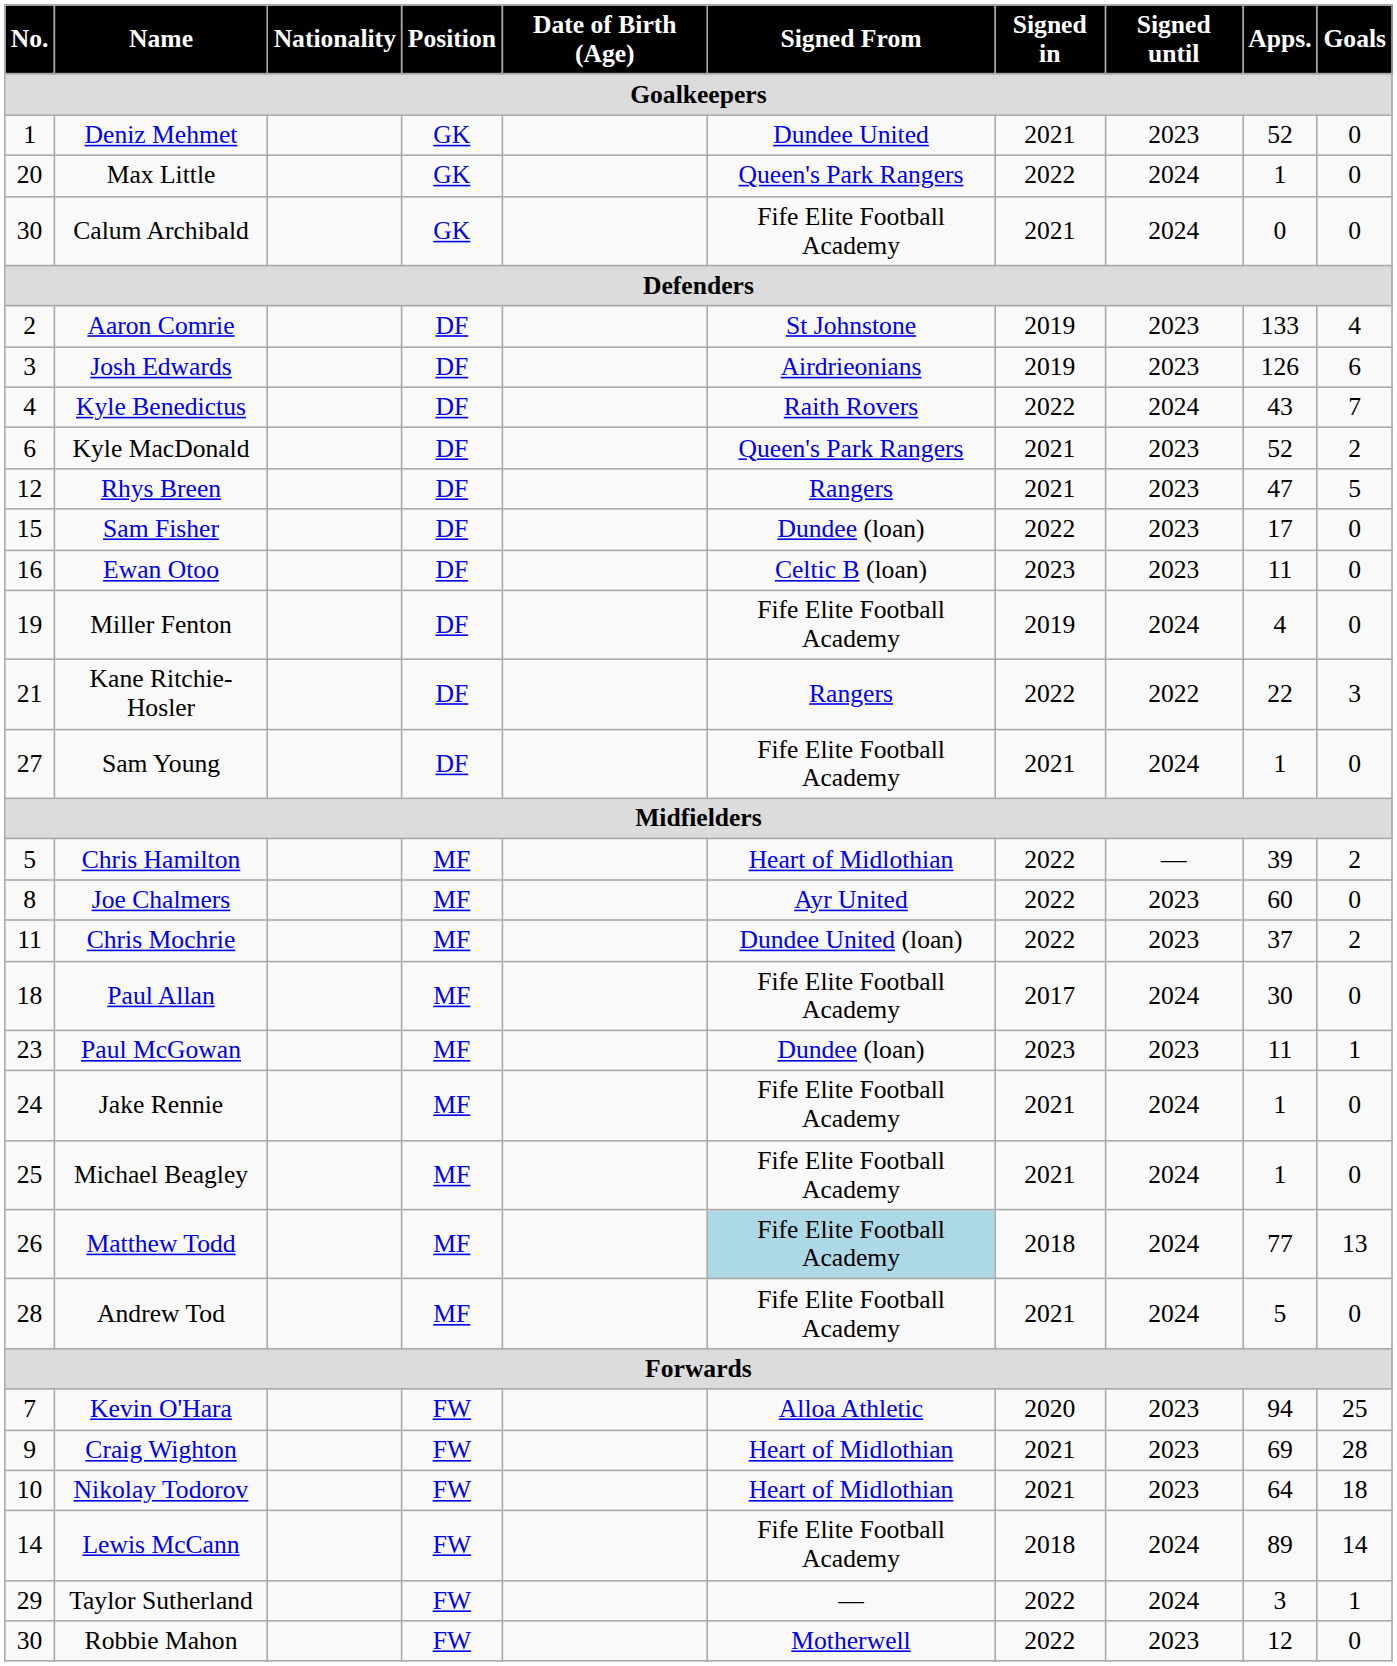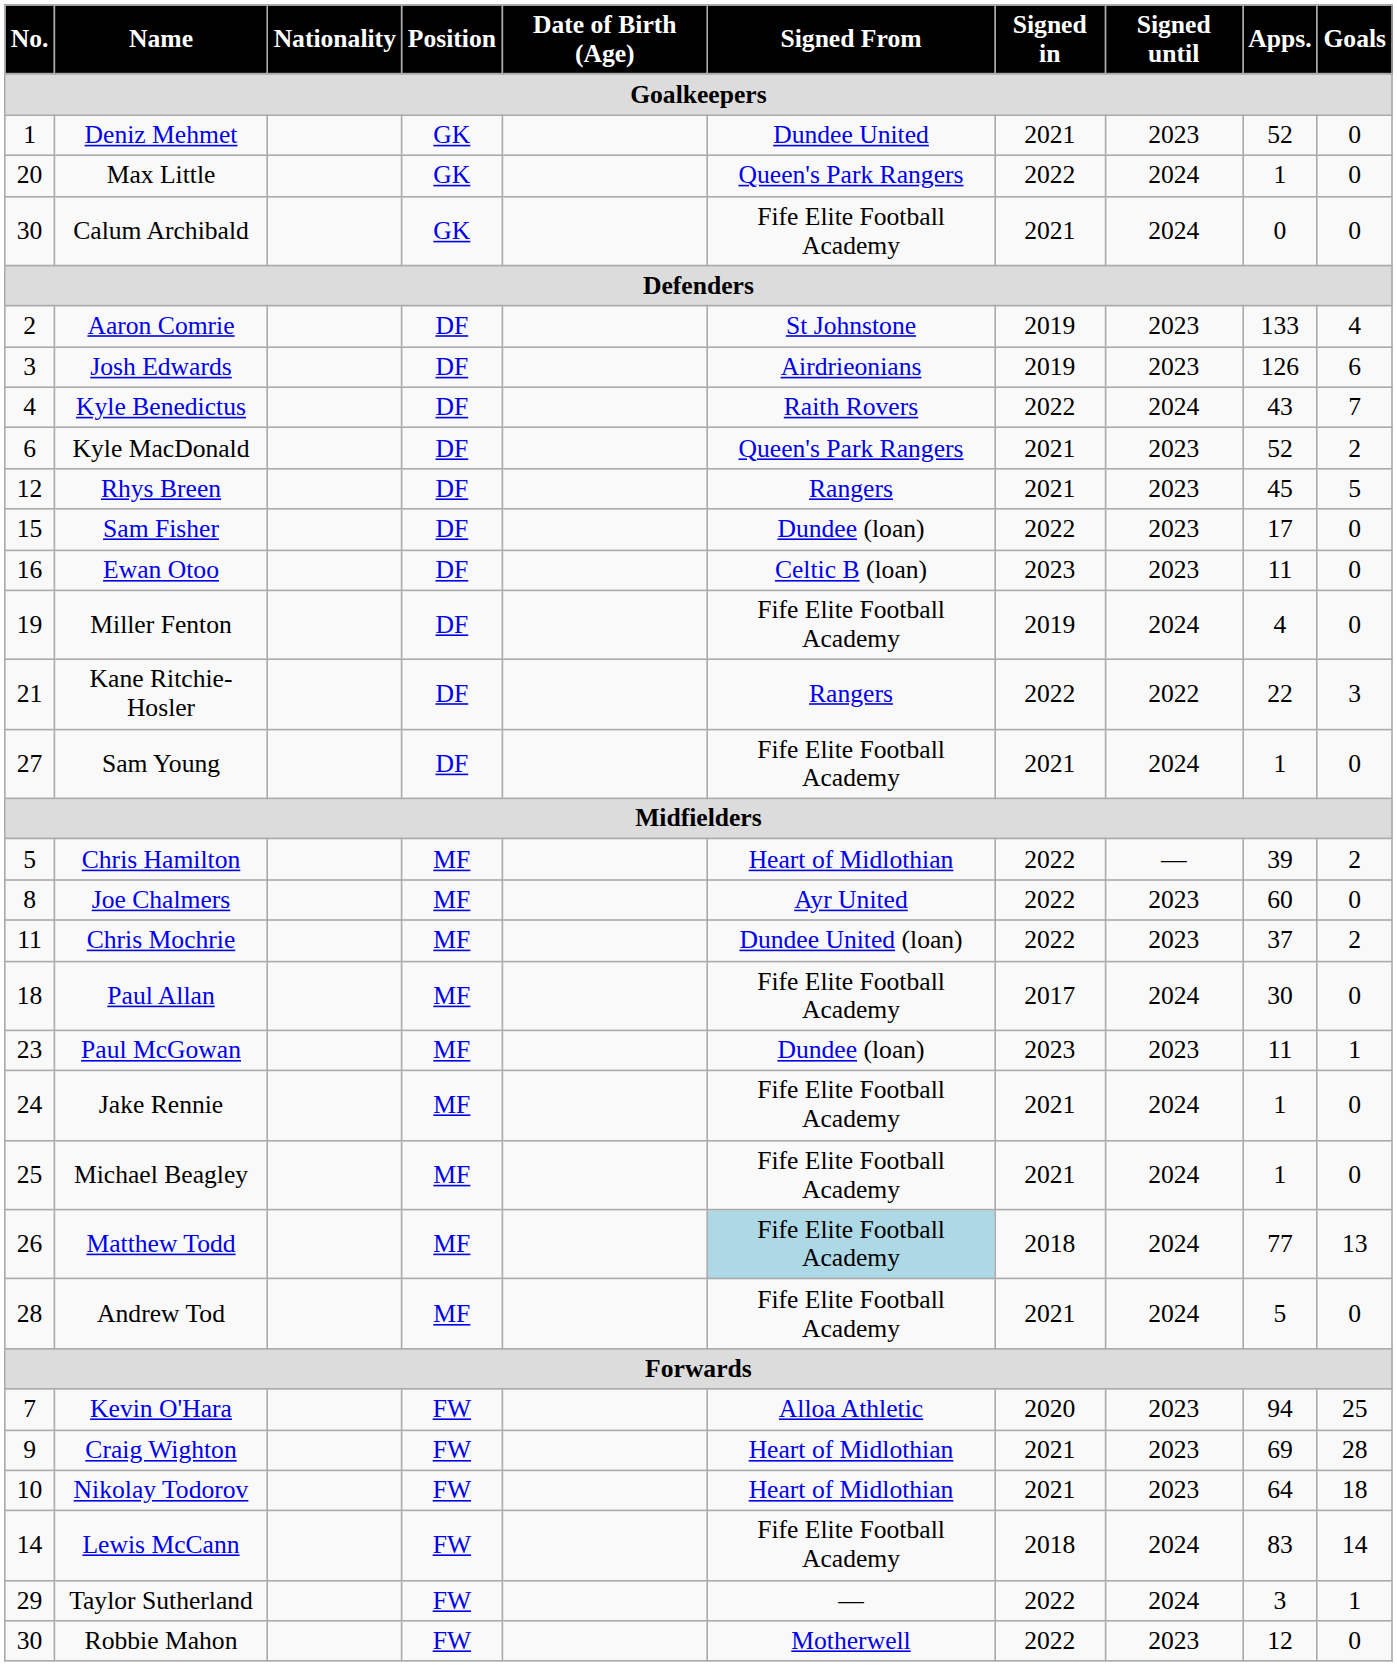 <table class="wikitable"  style="text-align:center">
 <tr>
 <th style="background:#000000; color:white; text-align:center;">No.</th>
 <th style="background:#000000; color:white; text-align:center;">Name</th>
 <th style="background:#000000; color:white; text-align:center;">Nationality</th>
 <th style="background:#000000; color:white; text-align:center;">Position</th>
 <th style="background:#000000; color:white; text-align:center;">Date of Birth (Age)</th>
 <th style="background:#000000; color:white; text-align:center;">Signed From</th>
 <th style="background:#000000; color:white; text-align:center;">Signed in</th>
 <th style="background:#000000; color:white; text-align:center;">Signed until</th>
 <th style="background:#000000; color:white; text-align:center;">Apps.</th>
 <th style="background:#000000; color:white; te13xt-align:center;">Goals</th>
 </tr>
 <tr>
 <th colspan="10" style="background:#dcdcdc; text-align:center;">Goalkeepers</th>
 </tr>
 <tr>
 <td>1</td>
 <td><a href='#'>Deniz Mehmet</a></td>
 <td></td>
 <td><a href='#'>GK</a></td>
 <td></td>
 <td><a href='#'>Dundee United</a></td>
 <td>2021</td>
 <td>2023</td>
 <td>52</td>
 <td>0</td>
 </tr>
 <tr>
 <td>20</td>
 <td>Max Little</td>
 <td></td>
 <td><a href='#'>GK</a></td>
 <td></td>
 <td><a href='#'>Queen's Park Rangers</a></td>
 <td>2022</td>
 <td>2024</td>
 <td>1</td>
 <td>0</td>
 </tr>
 <tr>
 <td>30</td>
 <td>Calum Archibald</td>
 <td></td>
 <td><a href='#'>GK</a></td>
 <td></td>
 <td>Fife Elite Football Academy</td>
 <td>2021</td>
 <td>2024</td>
 <td>0</td>
 <td>0</td>
 </tr>
 <tr>
 <th colspan="10" style="background:#dcdcdc; text-align:center;">Defenders</th>
 </tr>
 <tr>
 <td>2</td>
 <td><a href='#'>Aaron Comrie</a></td>
 <td></td>
 <td><a href='#'>DF</a></td>
 <td></td>
 <td><a href='#'>St Johnstone</a></td>
 <td>2019</td>
 <td>2023</td>
 <td>133</td>
 <td>4</td>
 </tr>
 <tr>
 <td>3</td>
 <td><a href='#'>Josh Edwards</a></td>
 <td></td>
 <td><a href='#'>DF</a></td>
 <td></td>
 <td><a href='#'>Airdrieonians</a></td>
 <td>2019</td>
 <td>2023</td>
 <td>126</td>
 <td>6</td>
 </tr>
 <tr>
 <td>4</td>
 <td><a href='#'>Kyle Benedictus</a></td>
 <td></td>
 <td><a href='#'>DF</a></td>
 <td></td>
 <td><a href='#'>Raith Rovers</a></td>
 <td>2022</td>
 <td>2024</td>
 <td>43</td>
 <td>7</td>
 </tr>
 <tr>
 <td>6</td>
 <td>Kyle MacDonald</td>
 <td></td>
 <td><a href='#'>DF</a></td>
 <td></td>
 <td><a href='#'>Queen's Park Rangers</a></td>
 <td>2021</td>
 <td>2023</td>
 <td>52</td>
 <td>2</td>
 </tr>
 <tr>
 <td>12</td>
 <td><a href='#'>Rhys Breen</a></td>
 <td></td>
 <td><a href='#'>DF</a></td>
 <td></td>
 <td><a href='#'>Rangers</a></td>
 <td>2021</td>
 <td>2023</td>
-<td>47</td>
+<td>45</td>
 <td>5</td>
 </tr>
 <tr>
 <td>15</td>
 <td><a href='#'>Sam Fisher</a></td>
 <td></td>
 <td><a href='#'>DF</a></td>
 <td></td>
 <td><a href='#'>Dundee</a> (loan)</td>
 <td>2022</td>
 <td>2023</td>
 <td>17</td>
 <td>0</td>
 </tr>
 <tr>
 <td>16</td>
 <td><a href='#'>Ewan Otoo</a></td>
 <td></td>
 <td><a href='#'>DF</a></td>
 <td></td>
 <td><a href='#'>Celtic B</a> (loan)</td>
 <td>2023</td>
 <td>2023</td>
 <td>11</td>
 <td>0</td>
 </tr>
 <tr>
 <td>19</td>
 <td>Miller Fenton</td>
 <td></td>
 <td><a href='#'>DF</a></td>
 <td></td>
 <td>Fife Elite Football Academy</td>
 <td>2019</td>
 <td>2024</td>
 <td>4</td>
 <td>0</td>
 </tr>
 <tr>
 <td>21</td>
 <td>Kane Ritchie-Hosler</td>
 <td></td>
 <td><a href='#'>DF</a></td>
 <td></td>
 <td><a href='#'>Rangers</a></td>
 <td>2022</td>
 <td>2022</td>
 <td>22</td>
 <td>3</td>
 </tr>
 <tr>
 <td>27</td>
 <td>Sam Young</td>
 <td></td>
 <td><a href='#'>DF</a></td>
 <td></td>
 <td>Fife Elite Football Academy</td>
 <td>2021</td>
 <td>2024</td>
 <td>1</td>
 <td>0</td>
 </tr>
 <tr>
 <th colspan="10" style="background:#dcdcdc; text-align:center;">Midfielders</th>
 </tr>
 <tr>
 <td>5</td>
 <td><a href='#'>Chris Hamilton</a></td>
 <td></td>
 <td><a href='#'>MF</a></td>
 <td></td>
 <td><a href='#'>Heart of Midlothian</a></td>
 <td>2022</td>
 <td>—</td>
 <td>39</td>
 <td>2</td>
 </tr>
 <tr>
 <td>8</td>
 <td><a href='#'>Joe Chalmers</a></td>
 <td></td>
 <td><a href='#'>MF</a></td>
 <td></td>
 <td><a href='#'>Ayr United</a></td>
 <td>2022</td>
 <td>2023</td>
 <td>60</td>
 <td>0</td>
 </tr>
 <tr>
 <td>11</td>
 <td><a href='#'>Chris Mochrie</a></td>
 <td></td>
 <td><a href='#'>MF</a></td>
 <td></td>
 <td><a href='#'>Dundee United</a> (loan)</td>
 <td>2022</td>
 <td>2023</td>
 <td>37</td>
 <td>2</td>
 </tr>
 <tr>
 <td>18</td>
 <td><a href='#'>Paul Allan</a></td>
 <td></td>
 <td><a href='#'>MF</a></td>
 <td></td>
 <td>Fife Elite Football Academy</td>
 <td>2017</td>
 <td>2024</td>
 <td>30</td>
 <td>0</td>
 </tr>
 <tr>
 <td>23</td>
 <td><a href='#'>Paul McGowan</a></td>
 <td></td>
 <td><a href='#'>MF</a></td>
 <td></td>
 <td><a href='#'>Dundee</a> (loan)</td>
 <td>2023</td>
 <td>2023</td>
 <td>11</td>
 <td>1</td>
 </tr>
 <tr>
 <td>24</td>
 <td>Jake Rennie</td>
 <td></td>
 <td><a href='#'>MF</a></td>
 <td></td>
 <td>Fife Elite Football Academy</td>
 <td>2021</td>
 <td>2024</td>
 <td>1</td>
 <td>0</td>
 </tr>
 <tr>
 <td>25</td>
 <td>Michael Beagley</td>
 <td></td>
 <td><a href='#'>MF</a></td>
 <td></td>
 <td>Fife Elite Football Academy</td>
 <td>2021</td>
 <td>2024</td>
 <td>1</td>
 <td>0</td>
 </tr>
 <tr>
 <td>26</td>
 <td><a href='#'>Matthew Todd</a></td>
 <td></td>
 <td><a href='#'>MF</a></td>
 <td></td>
 <td style="background: lightblue;">Fife Elite Football Academy</td>
 <td>2018</td>
 <td>2024</td>
 <td>77</td>
 <td>13</td>
 </tr>
 <tr>
 <td>28</td>
 <td>Andrew Tod</td>
 <td></td>
 <td><a href='#'>MF</a></td>
 <td></td>
 <td>Fife Elite Football Academy</td>
 <td>2021</td>
 <td>2024</td>
 <td>5</td>
 <td>0</td>
 </tr>
 <tr>
 <th colspan="10" style="background:#dcdcdc; text-align:center;"><strong>Forwards</strong></th>
 </tr>
 <tr>
 <td>7</td>
 <td><a href='#'>Kevin O'Hara</a></td>
 <td></td>
 <td><a href='#'>FW</a></td>
 <td></td>
 <td><a href='#'>Alloa Athletic</a></td>
 <td>2020</td>
 <td>2023</td>
 <td>94</td>
 <td>25</td>
 </tr>
 <tr>
 <td>9</td>
 <td><a href='#'>Craig Wighton</a></td>
 <td></td>
 <td><a href='#'>FW</a></td>
 <td></td>
 <td><a href='#'>Heart of Midlothian</a></td>
 <td>2021</td>
 <td>2023</td>
 <td>69</td>
 <td>28</td>
 </tr>
 <tr>
 <td>10</td>
 <td><a href='#'>Nikolay Todorov</a></td>
 <td></td>
 <td><a href='#'>FW</a></td>
 <td></td>
 <td><a href='#'>Heart of Midlothian</a></td>
 <td>2021</td>
 <td>2023</td>
 <td>64</td>
 <td>18</td>
 </tr>
 <tr>
 <td>14</td>
 <td><a href='#'>Lewis McCann</a></td>
 <td></td>
 <td><a href='#'>FW</a></td>
 <td></td>
 <td>Fife Elite Football Academy</td>
 <td>2018</td>
 <td>2024</td>
-<td>89</td>
+<td>83</td>
 <td>14</td>
 </tr>
 <tr>
 <td>29</td>
 <td>Taylor Sutherland</td>
 <td></td>
 <td><a href='#'>FW</a></td>
 <td></td>
 <td>—</td>
 <td>2022</td>
 <td>2024</td>
 <td>3</td>
 <td>1</td>
 </tr>
 <tr>
 <td>30</td>
 <td>Robbie Mahon</td>
 <td></td>
 <td><a href='#'>FW</a></td>
 <td></td>
 <td><a href='#'>Motherwell</a></td>
 <td>2022</td>
 <td>2023</td>
 <td>12</td>
 <td>0</td>
 </tr>
 </table>
